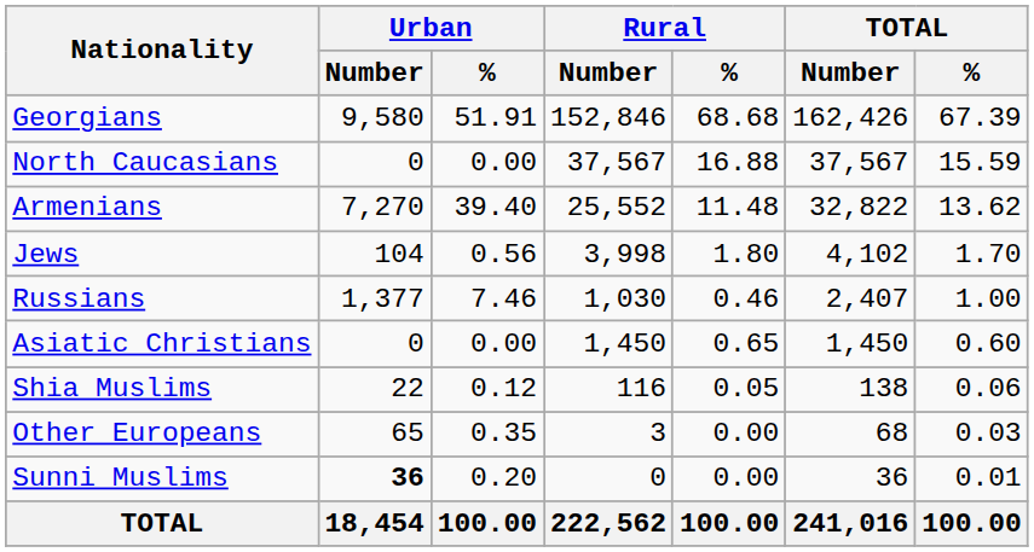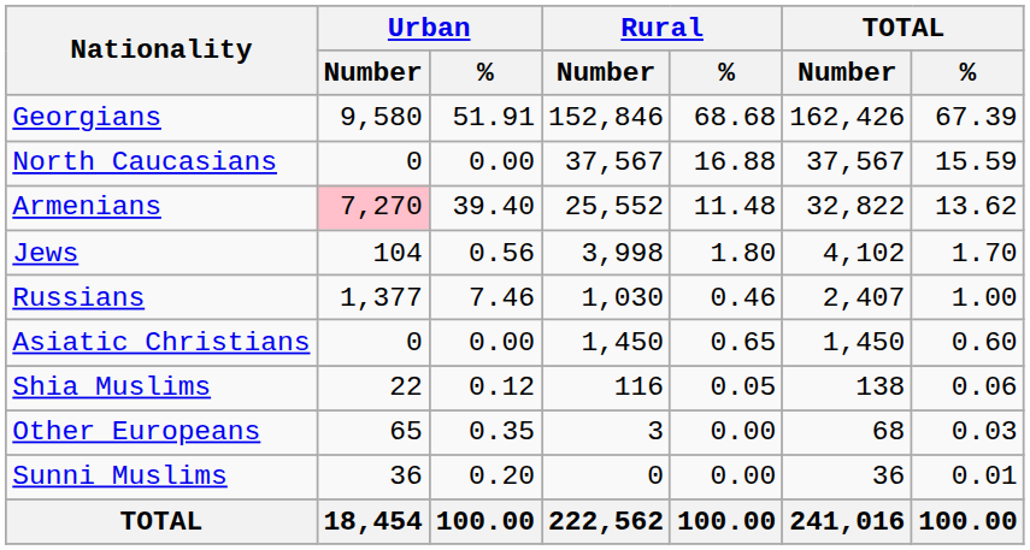 <table class="wikitable sortable">
 <tr>
 <th rowspan="2">Nationality</th>
 <th colspan="2"><a href='#'>Urban</a></th>
 <th colspan="2"><a href='#'>Rural</a></th>
 <th colspan="2">TOTAL</th>
 </tr>
 <tr>
 <th>Number</th>
 <th>%</th>
 <th>Number</th>
 <th>%</th>
 <th>Number</th>
 <th>%</th>
 </tr>
 <tr>
 <td><a href='#'>Georgians</a></td>
 <td align="right">9,580</td>
 <td align="right">51.91</td>
 <td align="right">152,846</td>
 <td align="right">68.68</td>
 <td align="right">162,426</td>
 <td align="right">67.39</td>
 </tr>
 <tr>
 <td><a href='#'>North Caucasians</a></td>
 <td align="right">0</td>
 <td align="right">0.00</td>
 <td align="right">37,567</td>
 <td align="right">16.88</td>
 <td align="right">37,567</td>
 <td align="right">15.59</td>
 </tr>
 <tr>
 <td><a href='#'>Armenians</a></td>
-<td align="right">7,270</td>
+<td align="right" style="background: pink;">7,270</td>
 <td align="right">39.40</td>
 <td align="right">25,552</td>
 <td align="right">11.48</td>
 <td align="right">32,822</td>
 <td align="right">13.62</td>
 </tr>
 <tr>
 <td><a href='#'>Jews</a></td>
 <td align="right">104</td>
 <td align="right">0.56</td>
 <td align="right">3,998</td>
 <td align="right">1.80</td>
 <td align="right">4,102</td>
 <td align="right">1.70</td>
 </tr>
 <tr>
 <td><a href='#'>Russians</a></td>
 <td align="right">1,377</td>
 <td align="right">7.46</td>
 <td align="right">1,030</td>
 <td align="right">0.46</td>
 <td align="right">2,407</td>
 <td align="right">1.00</td>
 </tr>
 <tr>
 <td><a href='#'>Asiatic Christians</a></td>
 <td align="right">0</td>
 <td align="right">0.00</td>
 <td align="right">1,450</td>
 <td align="right">0.65</td>
 <td align="right">1,450</td>
 <td align="right">0.60</td>
 </tr>
 <tr>
 <td><a href='#'>Shia Muslims</a></td>
 <td align="right">22</td>
 <td align="right">0.12</td>
 <td align="right">116</td>
 <td align="right">0.05</td>
 <td align="right">138</td>
 <td align="right">0.06</td>
 </tr>
 <tr>
 <td><a href='#'>Other Europeans</a></td>
 <td align="right">65</td>
 <td align="right">0.35</td>
 <td align="right">3</td>
 <td align="right">0.00</td>
 <td align="right">68</td>
 <td align="right">0.03</td>
 </tr>
 <tr>
 <td><a href='#'>Sunni Muslims</a></td>
-<td align="right"><strong>36</strong></td>
+<td align="right">36</td>
 <td align="right">0.20</td>
 <td align="right">0</td>
 <td align="right">0.00</td>
 <td align="right">36</td>
 <td align="right">0.01</td>
 </tr>
 <tr>
 <th>TOTAL</th>
 <th>18,454</th>
 <th>100.00</th>
 <th>222,562</th>
 <th>100.00</th>
 <th><strong>241,016</strong></th>
 <th>100.00</th>
 </tr>
 </table>
